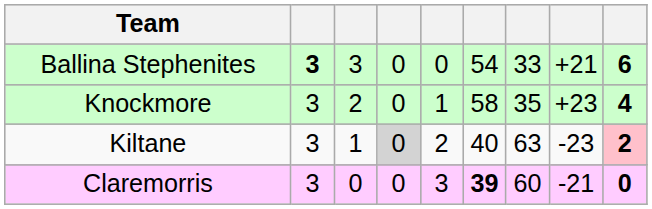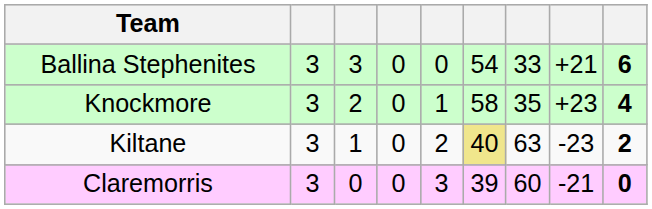 <table class="wikitable" style="text-align:center">
 <tr>
 <th style="width:175px;">Team</th>
 <th width="20"></th>
 <th width="20"></th>
 <th width="20"></th>
 <th width="20"></th>
 <th width="20"></th>
 <th width="20"></th>
 <th width="20"></th>
 <th width="20"></th>
 </tr>
 <tr style="background:#cfc;">
 <td>Ballina Stephenites</td>
-<td><strong>3</strong></td>
+<td>3</td>
 <td>3</td>
 <td>0</td>
 <td>0</td>
 <td>54</td>
 <td>33</td>
 <td>+21</td>
 <td><strong>6</strong></td>
 </tr>
 <tr style="background:#cfc;">
 <td>Knockmore</td>
 <td>3</td>
 <td>2</td>
 <td>0</td>
 <td>1</td>
 <td>58</td>
 <td>35</td>
 <td>+23</td>
 <td><strong>4</strong></td>
 </tr>
 <tr>
 <td>Kiltane</td>
 <td>3</td>
 <td>1</td>
-<td style="background: lightgrey;">0</td>
+<td>0</td>
 <td>2</td>
-<td>40</td>
+<td style="background: khaki;">40</td>
 <td>63</td>
 <td>-23</td>
-<td style="background: pink;"><strong>2</strong></td>
+<td><strong>2</strong></td>
 </tr>
 <tr style="background:#fcf;">
 <td>Claremorris</td>
 <td>3</td>
 <td>0</td>
 <td>0</td>
 <td>3</td>
-<td><strong>39</strong></td>
+<td>39</td>
 <td>60</td>
 <td>-21</td>
 <td><strong>0</strong></td>
 </tr>
 </table>
